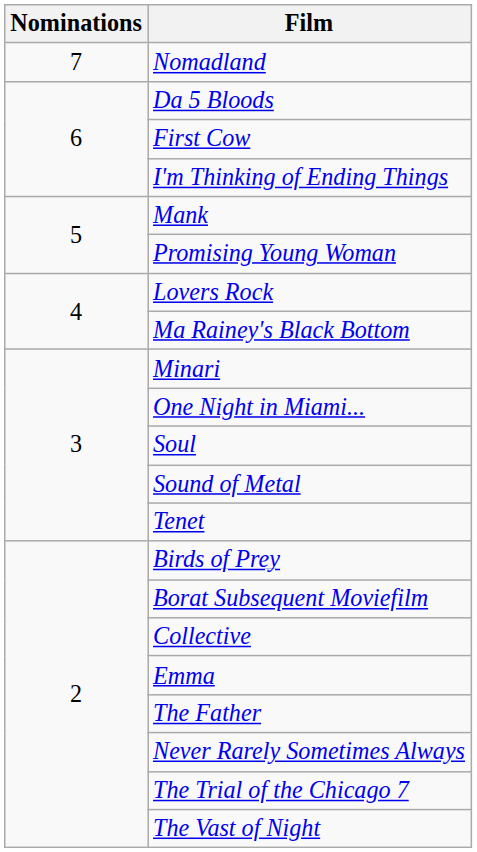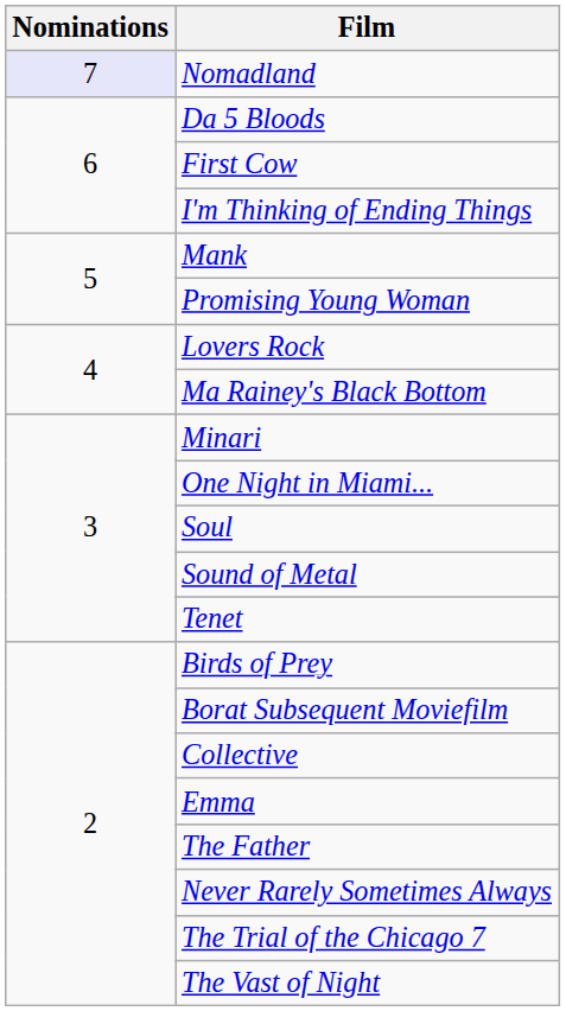 <table class="wikitable">
 <tr>
 <th>Nominations</th>
 <th>Film</th>
 </tr>
 <tr>
-<td style="text-align:center;">7</td>
+<td style="background: lavender; text-align:center;">7</td>
 <td><em><a href='#'>Nomadland</a></em></td>
 </tr>
 <tr>
 <td style="text-align:center;" rowspan="3">6</td>
 <td><em><a href='#'>Da 5 Bloods</a></em></td>
 </tr>
 <tr>
 <td><em><a href='#'>First Cow</a></em></td>
 </tr>
 <tr>
 <td><em><a href='#'>I'm Thinking of Ending Things</a></em></td>
 </tr>
 <tr>
 <td style="text-align:center;" rowspan="2">5</td>
 <td><em><a href='#'>Mank</a></em></td>
 </tr>
 <tr>
 <td><em><a href='#'>Promising Young Woman</a></em></td>
 </tr>
 <tr>
 <td style="text-align:center;" rowspan="2">4</td>
 <td><em><a href='#'>Lovers Rock</a></em></td>
 </tr>
 <tr>
 <td><em><a href='#'>Ma Rainey's Black Bottom</a></em></td>
 </tr>
 <tr>
 <td style="text-align:center;" rowspan="5">3</td>
 <td><em><a href='#'>Minari</a></em></td>
 </tr>
 <tr>
 <td><em><a href='#'>One Night in Miami...</a></em></td>
 </tr>
 <tr>
 <td><em><a href='#'>Soul</a></em></td>
 </tr>
 <tr>
 <td><em><a href='#'>Sound of Metal</a></em></td>
 </tr>
 <tr>
 <td><em><a href='#'>Tenet</a></em></td>
 </tr>
 <tr>
 <td style="text-align:center;" rowspan="8">2</td>
 <td><em><a href='#'>Birds of Prey</a></em></td>
 </tr>
 <tr>
 <td><em><a href='#'>Borat Subsequent Moviefilm</a></em></td>
 </tr>
 <tr>
 <td><em><a href='#'>Collective</a></em></td>
 </tr>
 <tr>
 <td><em><a href='#'>Emma</a></em></td>
 </tr>
 <tr>
 <td><em><a href='#'>The Father</a></em></td>
 </tr>
 <tr>
 <td><em><a href='#'>Never Rarely Sometimes Always</a></em></td>
 </tr>
 <tr>
 <td><em><a href='#'>The Trial of the Chicago 7</a></em></td>
 </tr>
 <tr>
 <td><em><a href='#'>The Vast of Night</a></em></td>
 </tr>
 </table>
